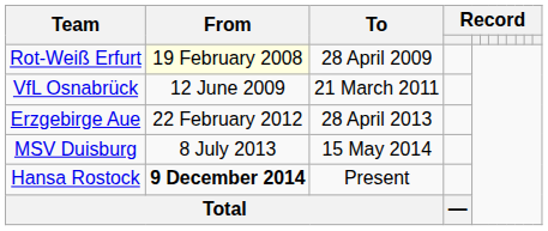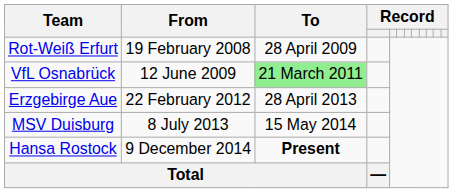 <table class="wikitable" style="text-align: center">
 <tr>
 <th rowspan="2">Team</th>
 <th rowspan="2">From</th>
 <th rowspan="2">To</th>
 <th colspan="9">Record</th>
 </tr>
 <tr>
 <th></th>
 <th></th>
 <th></th>
 <th></th>
 <th></th>
 <th></th>
 <th></th>
 <th></th>
 <th></th>
 </tr>
 <tr>
 <td><a href='#'>Rot-Weiß Erfurt</a></td>
-<td style="background: lightyellow;">19 February 2008</td>
+<td>19 February 2008</td>
 <td>28 April 2009<br></td>
 <td></td>
 </tr>
 <tr>
 <td><a href='#'>VfL Osnabrück</a></td>
 <td>12 June 2009</td>
-<td>21 March 2011<br></td>
+<td style="background: lightgreen;">21 March 2011<br></td>
 <td></td>
 </tr>
 <tr>
 <td><a href='#'>Erzgebirge Aue</a></td>
 <td>22 February 2012</td>
 <td>28 April 2013<br></td>
 <td></td>
 </tr>
 <tr>
 <td><a href='#'>MSV Duisburg</a></td>
 <td>8 July 2013</td>
 <td>15 May 2014<br></td>
 <td></td>
 </tr>
 <tr>
 <td><a href='#'>Hansa Rostock</a></td>
-<td><strong>9 December 2014</strong></td>
-<td>Present<br></td>
+<td>9 December 2014</td>
+<td><strong>Present<br></strong></td>
 <td></td>
 </tr>
 <tr>
 <th colspan="3">Total<br></th>
 <th>—</th>
 </tr>
 </table>
